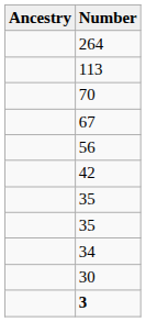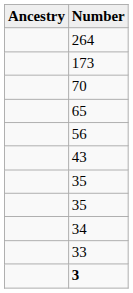 <table style="float: center;" class="wikitable">
 <tr>
 <th style="background:#efefef;">Ancestry</th>
 <th style="background:#efefef;">Number</th>
 </tr>
 <tr>
 <td></td>
 <td>264</td>
 </tr>
 <tr>
 <td></td>
-<td>113</td>
+<td>173</td>
 </tr>
 <tr>
 <td></td>
 <td>70</td>
 </tr>
 <tr>
 <td></td>
-<td>67</td>
+<td>65</td>
 </tr>
 <tr>
 <td></td>
 <td>56</td>
 </tr>
 <tr>
 <td></td>
-<td>42</td>
+<td>43</td>
 </tr>
 <tr>
 <td></td>
 <td>35</td>
 </tr>
 <tr>
 <td></td>
 <td>35</td>
 </tr>
 <tr>
 <td></td>
 <td>34</td>
 </tr>
 <tr>
 <td></td>
-<td>30</td>
+<td>33</td>
 </tr>
 <tr>
 <td></td>
 <td><strong>3</strong></td>
 </tr>
 </table>
